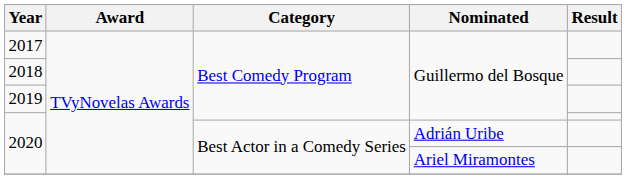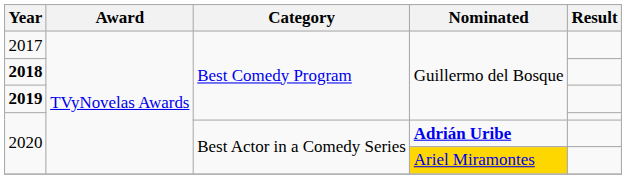 <table class="wikitable plainrowheaders">
 <tr>
 <th scope="col">Year</th>
 <th scope="col">Award</th>
 <th scope="col">Category</th>
 <th scope="col">Nominated</th>
 <th scope="col">Result</th>
 </tr>
 <tr>
 <td>2017</td>
 <td rowspan="6"><a href='#'>TVyNovelas Awards</a></td>
 <td rowspan="4"><a href='#'>Best Comedy Program</a></td>
 <td rowspan="4">Guillermo del Bosque</td>
 <td></td>
 </tr>
 <tr>
-<td>2018</td>
+<td><strong>2018</strong></td>
 <td></td>
 </tr>
 <tr>
-<td>2019</td>
+<td><strong>2019</strong></td>
 <td></td>
 </tr>
 <tr>
 <td rowspan="3">2020</td>
 <td></td>
 </tr>
 <tr>
 <td rowspan="2">Best Actor in a Comedy Series</td>
-<td><a href='#'>Adrián Uribe</a></td>
+<td><strong><a href='#'>Adrián Uribe</a></strong></td>
 <td></td>
 </tr>
 <tr>
-<td><a href='#'>Ariel Miramontes</a></td>
+<td style="background: gold;"><a href='#'>Ariel Miramontes</a></td>
 <td></td>
 </tr>
 <tr>
 </tr>
 </table>
